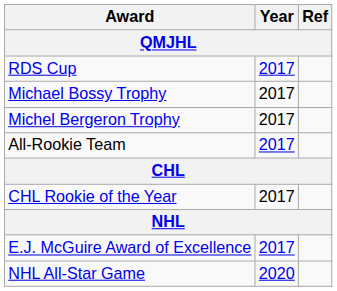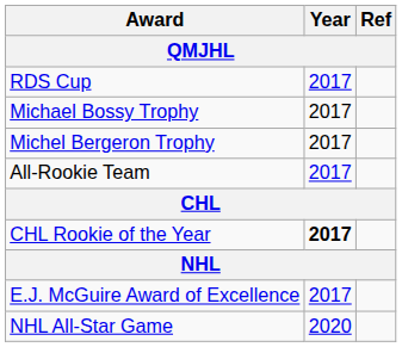 <table class="wikitable">
 <tr>
 <th>Award</th>
 <th>Year</th>
 <th>Ref</th>
 </tr>
 <tr>
 <th colspan="3"><a href='#'>QMJHL</a></th>
 </tr>
 <tr>
 <td><a href='#'>RDS Cup</a></td>
 <td><a href='#'>2017</a></td>
 <td></td>
 </tr>
 <tr>
 <td><a href='#'>Michael Bossy Trophy</a></td>
 <td>2017</td>
 <td></td>
 </tr>
 <tr>
 <td><a href='#'>Michel Bergeron Trophy</a></td>
 <td>2017</td>
 <td></td>
 </tr>
 <tr>
 <td>All-Rookie Team</td>
 <td><a href='#'>2017</a></td>
 <td></td>
 </tr>
 <tr>
 <th colspan="3"><a href='#'>CHL</a></th>
 </tr>
 <tr>
 <td><a href='#'>CHL Rookie of the Year</a></td>
-<td>2017</td>
+<td><strong>2017</strong></td>
 <td></td>
 </tr>
 <tr>
 <th colspan="3"><a href='#'>NHL</a></th>
 </tr>
 <tr>
 <td><a href='#'>E.J. McGuire Award of Excellence</a></td>
 <td><a href='#'>2017</a></td>
 <td></td>
 </tr>
 <tr>
 <td><a href='#'>NHL All-Star Game</a></td>
 <td><a href='#'>2020</a></td>
 <td></td>
 </tr>
 </table>
